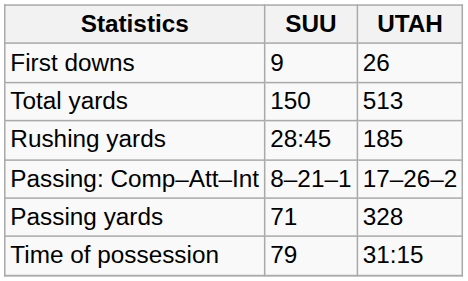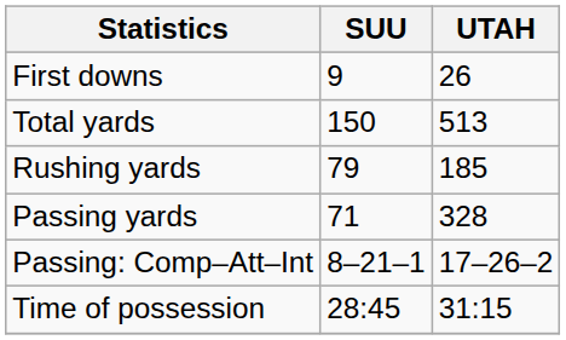 <table class="wikitable" style="float: left;">
 <tr>
 <th>Statistics</th>
 <th>SUU</th>
 <th>UTAH</th>
 </tr>
 <tr>
 <td>First downs</td>
 <td>9</td>
 <td>26</td>
 </tr>
 <tr>
 <td>Total yards</td>
 <td>150</td>
 <td>513</td>
 </tr>
 <tr>
 <td>Rushing yards</td>
-<td>28:45</td>
+<td>79</td>
 <td>185</td>
+</tr>
+<tr>
+<td>Passing yards</td>
+<td>71</td>
+<td>328</td>
 </tr>
 <tr>
 <td>Passing: Comp–Att–Int</td>
 <td>8–21–1</td>
 <td>17–26–2</td>
 </tr>
 <tr>
-<td>Passing yards</td>
-<td>71</td>
-<td>328</td>
-</tr>
-<tr>
 <td>Time of possession</td>
-<td>79</td>
+<td>28:45</td>
 <td>31:15</td>
 </tr>
 <tr>
 </tr>
 </table>
